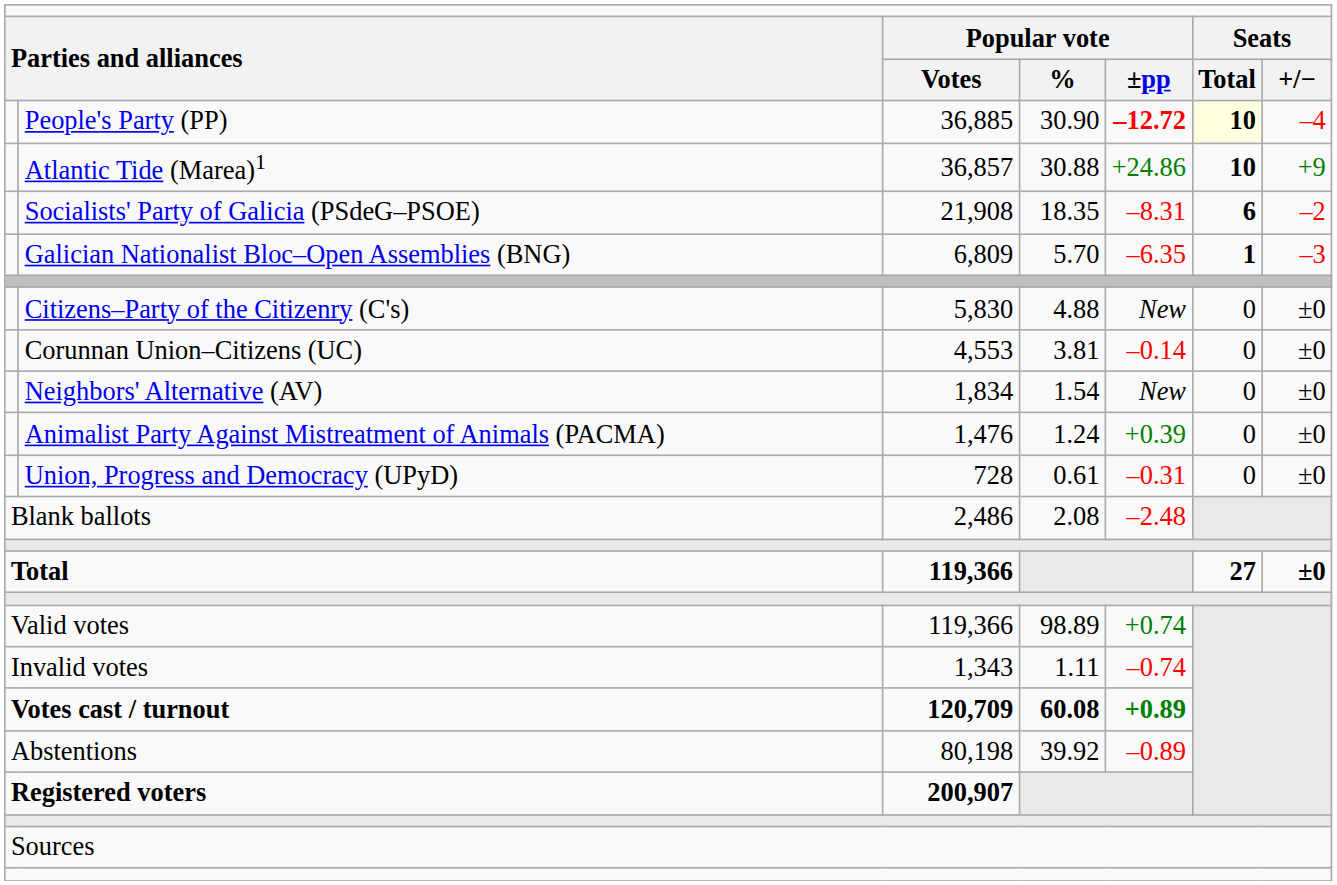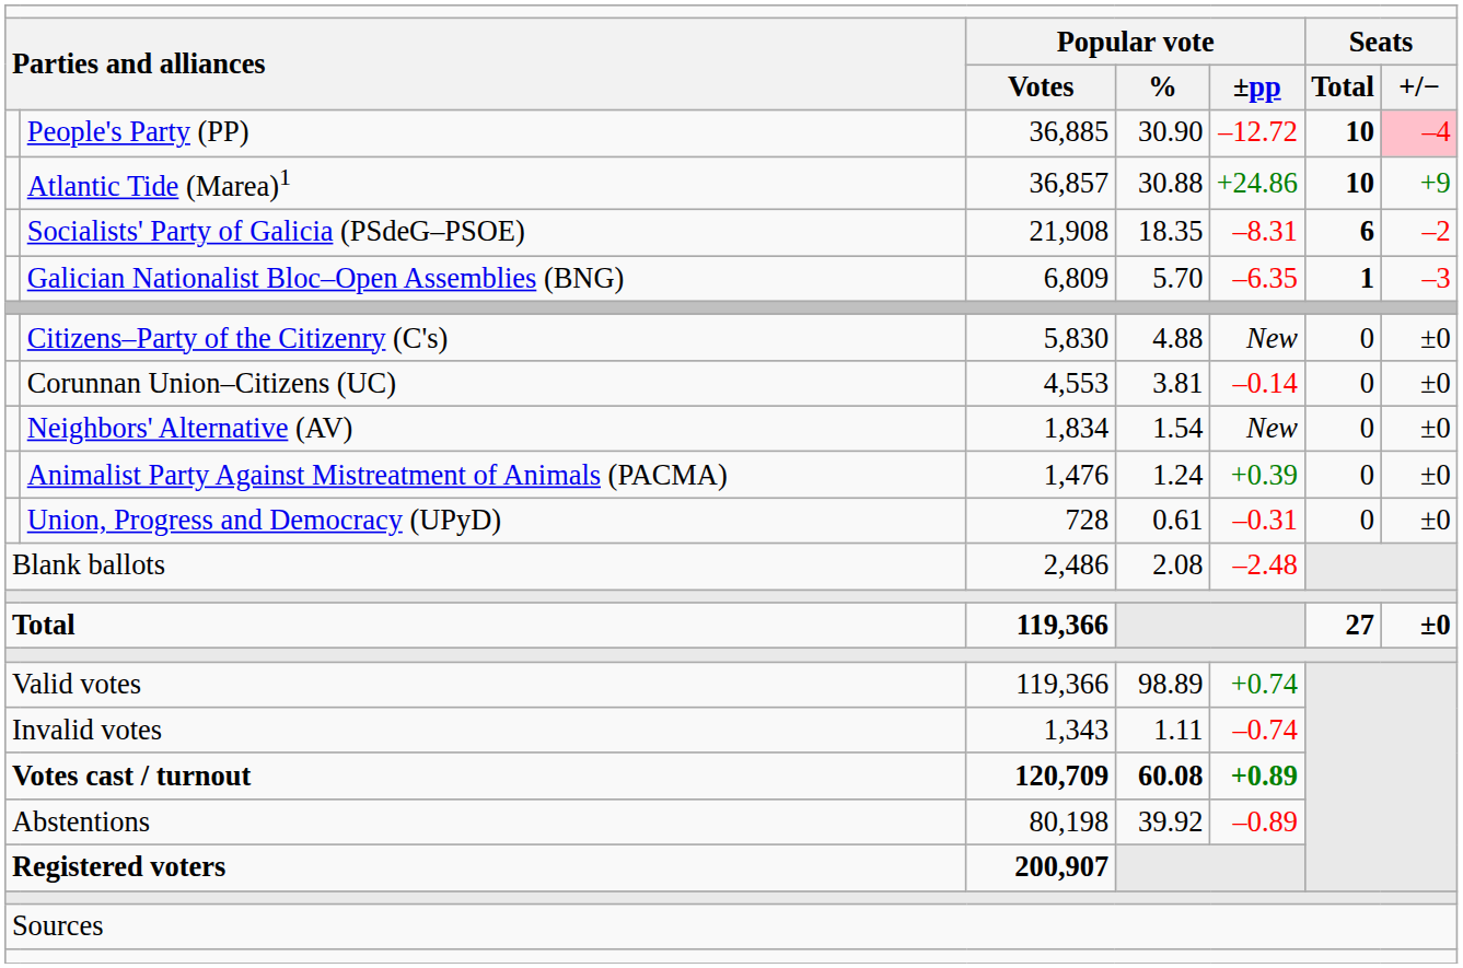 <table class="wikitable" style="text-align:right;">
 <tr>
 <td colspan="7"></td>
 </tr>
 <tr>
 <th style="text-align:left;" rowspan="2" colspan="2" width="525">Parties and alliances</th>
 <th colspan="3">Popular vote</th>
 <th colspan="2">Seats</th>
 </tr>
 <tr>
 <th width="75">Votes</th>
 <th width="45">%</th>
 <th width="45">±<a href='#'>pp</a></th>
 <th width="35">Total</th>
 <th width="35">+/−</th>
 </tr>
 <tr>
 <td width="1" style="color:inherit;background:"></td>
 <td align="left"><a href='#'>People's Party</a> (PP)</td>
 <td>36,885</td>
 <td>30.90</td>
-<td style="color:red;"><strong>–12.72</strong></td>
-<td style="background: lightyellow;"><strong>10</strong></td>
-<td style="color:red;">–4</td>
+<td style="color:red;">–12.72</td>
+<td><strong>10</strong></td>
+<td style="background: pink; color:red;">–4</td>
 </tr>
 <tr>
 <td style="color:inherit;background:"></td>
 <td align="left"><a href='#'>Atlantic Tide</a> (Marea)<sup>1</sup></td>
 <td>36,857</td>
 <td>30.88</td>
 <td style="color:green;">+24.86</td>
 <td><strong>10</strong></td>
 <td style="color:green;">+9</td>
 </tr>
 <tr>
 <td style="color:inherit;background:"></td>
 <td align="left"><a href='#'>Socialists' Party of Galicia</a> (PSdeG–PSOE)</td>
 <td>21,908</td>
 <td>18.35</td>
 <td style="color:red;">–8.31</td>
 <td><strong>6</strong></td>
 <td style="color:red;">–2</td>
 </tr>
 <tr>
 <td style="color:inherit;background:"></td>
 <td align="left"><a href='#'>Galician Nationalist Bloc–Open Assemblies</a> (BNG)</td>
 <td>6,809</td>
 <td>5.70</td>
 <td style="color:red;">–6.35</td>
 <td><strong>1</strong></td>
 <td style="color:red;">–3</td>
 </tr>
 <tr>
 <td colspan="7" bgcolor="#C0C0C0"></td>
 </tr>
 <tr>
 <td style="color:inherit;background:"></td>
 <td align="left"><a href='#'>Citizens–Party of the Citizenry</a> (C's)</td>
 <td>5,830</td>
 <td>4.88</td>
 <td><em>New</em></td>
 <td>0</td>
 <td>±0</td>
 </tr>
 <tr>
 <td style="color:inherit;background:"></td>
 <td align="left">Corunnan Union–Citizens (UC)</td>
 <td>4,553</td>
 <td>3.81</td>
 <td style="color:red;">–0.14</td>
 <td>0</td>
 <td>±0</td>
 </tr>
 <tr>
 <td style="color:inherit;background:"></td>
 <td align="left"><a href='#'>Neighbors' Alternative</a> (AV)</td>
 <td>1,834</td>
 <td>1.54</td>
 <td><em>New</em></td>
 <td>0</td>
 <td>±0</td>
 </tr>
 <tr>
 <td style="color:inherit;background:"></td>
 <td align="left"><a href='#'>Animalist Party Against Mistreatment of Animals</a> (PACMA)</td>
 <td>1,476</td>
 <td>1.24</td>
 <td style="color:green;">+0.39</td>
 <td>0</td>
 <td>±0</td>
 </tr>
 <tr>
 <td style="color:inherit;background:"></td>
 <td align="left"><a href='#'>Union, Progress and Democracy</a> (UPyD)</td>
 <td>728</td>
 <td>0.61</td>
 <td style="color:red;">–0.31</td>
 <td>0</td>
 <td>±0</td>
 </tr>
 <tr>
 <td align="left" colspan="2">Blank ballots</td>
 <td>2,486</td>
 <td>2.08</td>
 <td style="color:red;">–2.48</td>
 <td bgcolor="#E9E9E9" colspan="2"></td>
 </tr>
 <tr>
 <td colspan="7" bgcolor="#E9E9E9"></td>
 </tr>
 <tr style="font-weight:bold;">
 <td align="left" colspan="2">Total</td>
 <td>119,366</td>
 <td bgcolor="#E9E9E9" colspan="2"></td>
 <td>27</td>
 <td>±0</td>
 </tr>
 <tr>
 <td colspan="7" bgcolor="#E9E9E9"></td>
 </tr>
 <tr>
 <td align="left" colspan="2">Valid votes</td>
 <td>119,366</td>
 <td>98.89</td>
 <td style="color:green;">+0.74</td>
 <td bgcolor="#E9E9E9" colspan="2" rowspan="5"></td>
 </tr>
 <tr>
 <td align="left" colspan="2">Invalid votes</td>
 <td>1,343</td>
 <td>1.11</td>
 <td style="color:red;">–0.74</td>
 </tr>
 <tr style="font-weight:bold;">
 <td align="left" colspan="2">Votes cast / turnout</td>
 <td>120,709</td>
 <td>60.08</td>
 <td style="color:green;">+0.89</td>
 </tr>
 <tr>
 <td align="left" colspan="2">Abstentions</td>
 <td>80,198</td>
 <td>39.92</td>
 <td style="color:red;">–0.89</td>
 </tr>
 <tr style="font-weight:bold;">
 <td align="left" colspan="2">Registered voters</td>
 <td>200,907</td>
 <td bgcolor="#E9E9E9" colspan="2"></td>
 </tr>
 <tr>
 <td colspan="7" bgcolor="#E9E9E9"></td>
 </tr>
 <tr>
 <td align="left" colspan="7">Sources</td>
 </tr>
 <tr>
 <td colspan="7" style="text-align:left; max-width:790px;"></td>
 </tr>
 </table>
